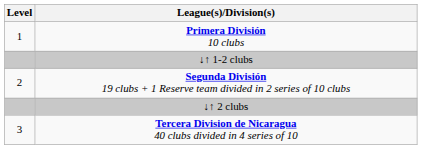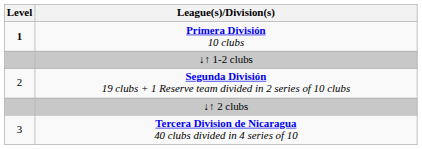 <table class="wikitable" style="text-align: center;">
 <tr>
 <th>Level</th>
 <th colspan="12">League(s)/Division(s)</th>
 </tr>
 <tr>
-<td>1</td>
+<td><strong>1</strong></td>
 <td colspan="12"><strong><a href='#'>Primera División</a></strong><br><em>10 clubs</em></td>
 </tr>
 <tr style="background:#c8c8c8">
 <td style="width:4%;"></td>
 <td colspan="9" style="width:96%;">↓↑ 1-2 clubs</td>
 </tr>
 <tr>
 <td>2</td>
 <td colspan="12"><strong><a href='#'>Segunda División</a></strong><br><em>19 clubs + 1 Reserve team divided in 2 series of 10 clubs</em></td>
 </tr>
 <tr style="background:#c8c8c8">
 <td style="width:4%;"></td>
 <td colspan="9" style="width:96%;">↓↑ 2 clubs</td>
 </tr>
 <tr>
 <td>3</td>
 <td colspan="12"><strong><a href='#'>Tercera Division de Nicaragua</a></strong><br><em>40 clubs divided in 4 series of 10</em></td>
 </tr>
 </table>
